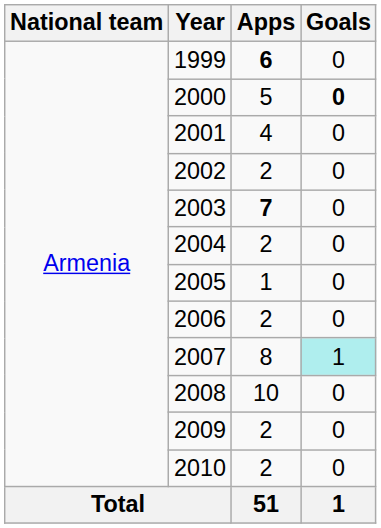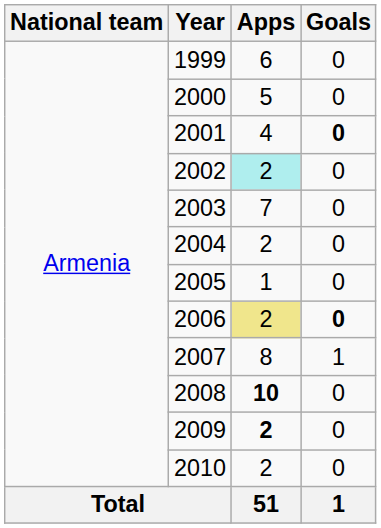 <table class="wikitable" style="text-align:center">
 <tr>
 <th>National team</th>
 <th>Year</th>
 <th>Apps</th>
 <th>Goals</th>
 </tr>
 <tr>
 <td rowspan="12"><a href='#'>Armenia</a></td>
 <td>1999</td>
-<td><strong>6</strong></td>
+<td>6</td>
 <td>0</td>
 </tr>
 <tr>
 <td>2000</td>
 <td>5</td>
-<td><strong>0</strong></td>
+<td>0</td>
 </tr>
 <tr>
 <td>2001</td>
 <td>4</td>
-<td>0</td>
+<td><strong>0</strong></td>
 </tr>
 <tr>
 <td>2002</td>
-<td>2</td>
+<td style="background: paleturquoise;">2</td>
 <td>0</td>
 </tr>
 <tr>
 <td>2003</td>
-<td><strong>7</strong></td>
+<td>7</td>
 <td>0</td>
 </tr>
 <tr>
 <td>2004</td>
 <td>2</td>
 <td>0</td>
 </tr>
 <tr>
 <td>2005</td>
 <td>1</td>
 <td>0</td>
 </tr>
 <tr>
 <td>2006</td>
-<td>2</td>
-<td>0</td>
+<td style="background: khaki;">2</td>
+<td><strong>0</strong></td>
 </tr>
 <tr>
 <td>2007</td>
 <td>8</td>
-<td style="background: paleturquoise;">1</td>
+<td>1</td>
 </tr>
 <tr>
 <td>2008</td>
-<td>10</td>
+<td><strong>10</strong></td>
 <td>0</td>
 </tr>
 <tr>
 <td>2009</td>
-<td>2</td>
+<td><strong>2</strong></td>
 <td>0</td>
 </tr>
 <tr>
 <td>2010</td>
 <td>2</td>
 <td>0</td>
 </tr>
 <tr>
 <th colspan="2">Total</th>
 <th>51</th>
 <th>1</th>
 </tr>
 </table>
